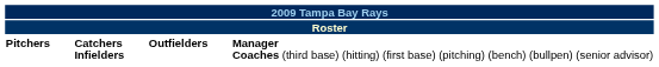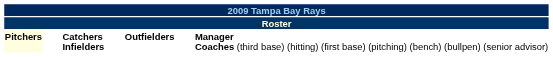 <table class="toccolours" style="font-size: 95%;">
 <tr>
 <th colspan="10" style="background:#00285d; color:#9eceee; text-align:center;">2009 Tampa Bay Rays</th>
 </tr>
 <tr>
 <td colspan="10" style="background:#036; color:#fffdd0; text-align:center;"><strong>Roster</strong></td>
 </tr>
 <tr>
-<td valign="top"><strong>Pitchers</strong><br>                    </td>
+<td valign="top" style="background: lightyellow;"><strong>Pitchers</strong><br>                    </td>
 <td style="width:25px;"></td>
 <td valign="top"><strong>Catchers</strong><br>    <strong>Infielders</strong>         </td>
 <td style="width:25px;"></td>
 <td valign="top"><strong>Outfielders</strong><br>      </td>
 <td style="width:25px;"></td>
 <td valign="top"><strong>Manager</strong><br> <strong>Coaches</strong>   (third base)   (hitting)  (first base)  (pitching)  (bench)  (bullpen)  (senior advisor)</td>
 </tr>
 </table>
